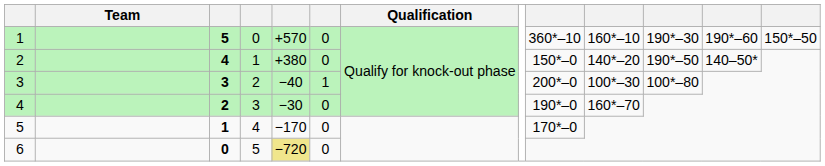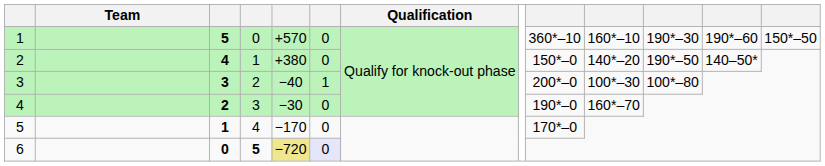 <table class="wikitable" style="text-align:center;">
 <tr>
 <th width="28px"></th>
 <th width="190px">Team</th>
 <th width="28px"></th>
 <th width="28px"></th>
 <th width="36px"></th>
 <th width="28px"></th>
 <th>Qualification</th>
 <th style="background-color:white;border-bottom:white;" rowspan="8"></th>
 <th></th>
 <th></th>
 <th></th>
 <th></th>
 <th></th>
 </tr>
 <tr>
 <td style="background-color:#BBF3BB;">1</td>
 <td style="text-align:left;background-color:#BBF3BB;"></td>
 <td style="background-color:#BBF3BB;"><strong>5</strong></td>
 <td style="background-color:#BBF3BB;">0</td>
 <td style="background-color:#BBF3BB;">+570</td>
 <td style="background-color:#BBF3BB;">0</td>
 <td rowspan="4" style="background-color:#BBF3BB;">Qualify for knock-out phase</td>
 <td>360*–10</td>
 <td>160*–10</td>
 <td>190*–30</td>
 <td>190*–60</td>
 <td>150*–50</td>
 </tr>
 <tr>
 <td style="background-color:#BBF3BB;">2</td>
 <td style="text-align:left;background-color:#BBF3BB;"></td>
 <td style="background-color:#BBF3BB;"><strong>4</strong></td>
 <td style="background-color:#BBF3BB;">1</td>
 <td style="background-color:#BBF3BB;">+380</td>
 <td style="background-color:#BBF3BB;">0</td>
 <td>150*–0</td>
 <td>140*–20</td>
 <td>190*–50</td>
 <td>140–50*</td>
 </tr>
 <tr>
 <td style="background-color:#BBF3BB;">3</td>
 <td style="text-align:left;background-color:#BBF3BB;"></td>
 <td style="background-color:#BBF3BB;"><strong>3</strong></td>
 <td style="background-color:#BBF3BB;">2</td>
 <td style="background-color:#BBF3BB;">−40</td>
 <td style="background-color:#BBF3BB;">1</td>
 <td>200*–0</td>
 <td>100*–30</td>
 <td>100*–80</td>
 </tr>
 <tr>
 <td style="background-color:#BBF3BB;">4</td>
 <td style="text-align:left;background-color:#BBF3BB;"></td>
 <td style="background-color:#BBF3BB;"><strong>2</strong></td>
 <td style="background-color:#BBF3BB;">3</td>
 <td style="background-color:#BBF3BB;">−30</td>
 <td style="background-color:#BBF3BB;">0</td>
 <td>190*–0</td>
 <td>160*–70</td>
 </tr>
 <tr>
 <td>5</td>
 <td style="text-align:left;"></td>
 <td><strong>1</strong></td>
 <td>4</td>
 <td>−170</td>
 <td>0</td>
 <td rowspan="2"></td>
 <td>170*–0</td>
 </tr>
 <tr>
 <td>6</td>
 <td style="text-align:left;"></td>
 <td><strong>0</strong></td>
-<td>5</td>
+<td><strong>5</strong></td>
 <td style="background: khaki;">−720</td>
-<td>0</td>
+<td style="background: lavender;">0</td>
 </tr>
 </table>
